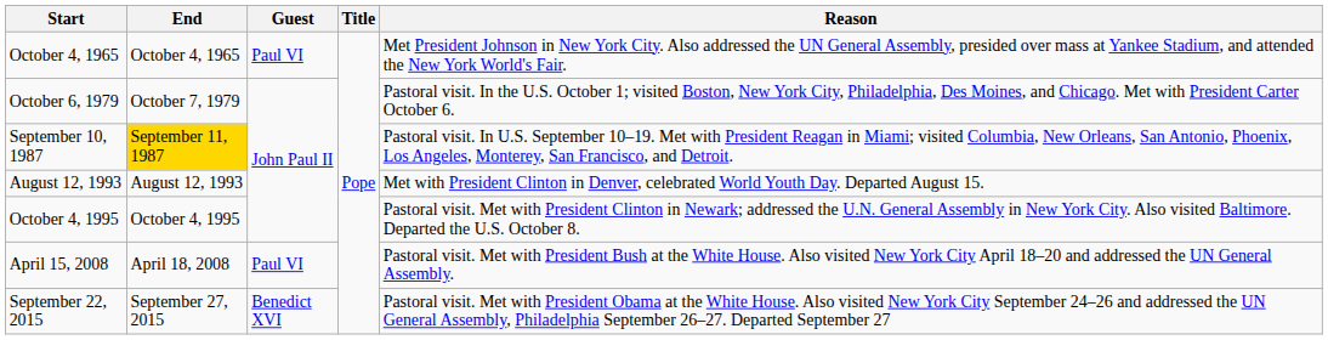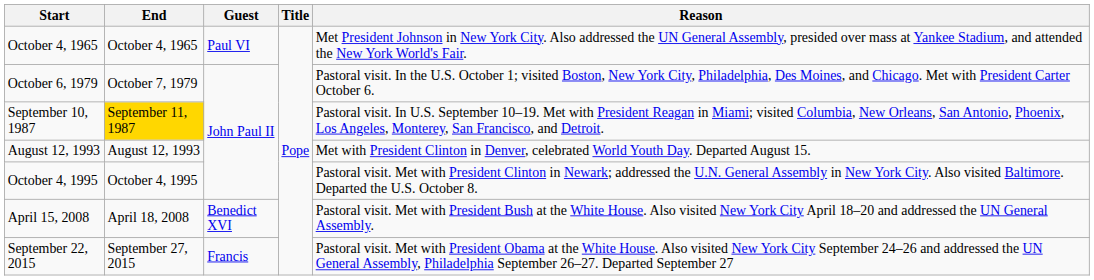 <table class="wikitable sortable">
 <tr>
 <th>Start</th>
 <th>End</th>
 <th>Guest</th>
 <th>Title</th>
 <th>Reason</th>
 </tr>
 <tr>
 <td>October 4, 1965</td>
 <td>October 4, 1965</td>
 <td><a href='#'>Paul VI</a></td>
 <td rowspan=7><a href='#'>Pope</a></td>
 <td>Met <a href='#'>President Johnson</a> in <a href='#'>New York City</a>. Also addressed the <a href='#'>UN General Assembly</a>, presided over mass at <a href='#'>Yankee Stadium</a>, and attended the <a href='#'>New York World's Fair</a>.</td>
 </tr>
 <tr>
 <td>October 6, 1979</td>
 <td>October 7, 1979</td>
 <td rowspan=4><a href='#'>John Paul II</a></td>
 <td>Pastoral visit. In the U.S. October 1; visited <a href='#'>Boston</a>, <a href='#'>New York City</a>, <a href='#'>Philadelphia</a>, <a href='#'>Des Moines</a>, and <a href='#'>Chicago</a>. Met with <a href='#'>President Carter</a> October 6.</td>
 </tr>
 <tr>
 <td>September 10, 1987</td>
 <td style="background: gold;">September 11, 1987</td>
 <td>Pastoral visit. In U.S. September 10–19. Met with <a href='#'>President Reagan</a> in <a href='#'>Miami</a>; visited <a href='#'>Columbia</a>, <a href='#'>New Orleans</a>, <a href='#'>San Antonio</a>, <a href='#'>Phoenix</a>, <a href='#'>Los Angeles</a>, <a href='#'>Monterey</a>, <a href='#'>San Francisco</a>, and <a href='#'>Detroit</a>.</td>
 </tr>
 <tr>
 <td>August 12, 1993</td>
 <td>August 12, 1993</td>
 <td>Met with <a href='#'>President Clinton</a> in <a href='#'>Denver</a>, celebrated <a href='#'>World Youth Day</a>. Departed August 15.</td>
 </tr>
 <tr>
 <td>October 4, 1995</td>
 <td>October 4, 1995</td>
 <td>Pastoral visit. Met with <a href='#'>President Clinton</a> in <a href='#'>Newark</a>; addressed the <a href='#'>U.N. General Assembly</a> in <a href='#'>New York City</a>. Also visited <a href='#'>Baltimore</a>. Departed the U.S. October 8.</td>
 </tr>
 <tr>
 <td>April 15, 2008</td>
 <td>April 18, 2008</td>
-<td><a href='#'>Paul VI</a></td>
+<td><a href='#'>Benedict XVI</a></td>
 <td>Pastoral visit. Met with <a href='#'>President Bush</a> at the <a href='#'>White House</a>. Also visited <a href='#'>New York City</a> April 18–20 and addressed the <a href='#'>UN General Assembly</a>.</td>
 </tr>
 <tr>
 <td>September 22, 2015</td>
 <td>September 27, 2015</td>
-<td><a href='#'>Benedict XVI</a></td>
+<td><a href='#'>Francis</a></td>
 <td>Pastoral visit. Met with <a href='#'>President Obama</a> at the <a href='#'>White House</a>. Also visited <a href='#'>New York City</a> September 24–26 and addressed the <a href='#'>UN General Assembly</a>, <a href='#'>Philadelphia</a> September 26–27. Departed September 27</td>
 </tr>
 </table>
